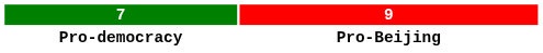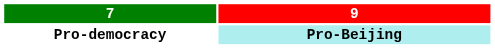 <table style="width:50%; text-align:center;">
 <tr style="color:white;">
 <td style="background:green; width:43.75%;"><strong>7</strong></td>
 <td style="background:red; width:56.25%;"><strong>9</strong></td>
 </tr>
 <tr>
 <td><span><strong>Pro-democracy</strong></span></td>
-<td><span><strong>Pro-Beijing</strong></span></td>
+<td style="background: paleturquoise;"><span><strong>Pro-Beijing</strong></span></td>
 </tr>
 </table>
